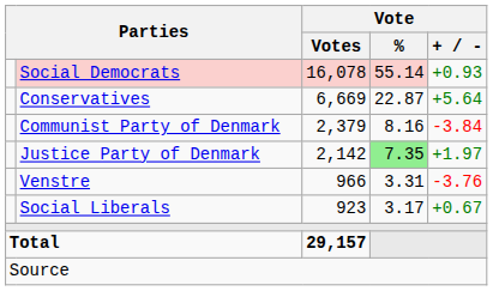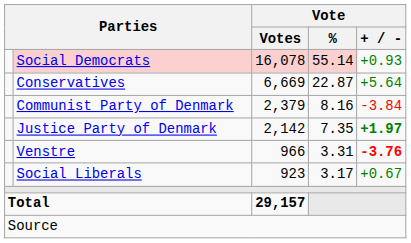 <table class="wikitable" style="text-align:right;">
 <tr>
 <th style="text-align:centre;" rowspan="2" colspan="2" width="225">Parties</th>
 <th colspan="3">Vote</th>
 </tr>
 <tr>
 <th width="15">Votes</th>
 <th width="15">%</th>
 <th width="15">+ / -</th>
 </tr>
 <tr>
 <td width="2" style="color:inherit;background:"></td>
 <td bgcolor=#fbd0ce  align="left"><a href='#'>Social Democrats</a></td>
 <td bgcolor=#fbd0ce>16,078</td>
 <td bgcolor=#fbd0ce>55.14</td>
 <td style=color:green;>+0.93</td>
 </tr>
 <tr>
 <td width="2" style="color:inherit;background:"></td>
 <td align="left"><a href='#'>Conservatives</a></td>
 <td>6,669</td>
 <td>22.87</td>
 <td style=color:green;>+5.64</td>
 </tr>
 <tr>
 <td width="2" style="color:inherit;background:"></td>
 <td align="left"><a href='#'>Communist Party of Denmark</a></td>
 <td>2,379</td>
 <td>8.16</td>
 <td style=color:red;>-3.84</td>
 </tr>
 <tr>
 <td width="2" style="color:inherit;background:"></td>
 <td align="left"><a href='#'>Justice Party of Denmark</a></td>
 <td>2,142</td>
-<td style="background: lightgreen;">7.35</td>
-<td style=color:green;>+1.97</td>
+<td>7.35</td>
+<td style=color:green;><strong>+1.97</strong></td>
 </tr>
 <tr>
 <td width="2" style="color:inherit;background:"></td>
 <td align="left"><a href='#'>Venstre</a></td>
 <td>966</td>
 <td>3.31</td>
-<td style=color:red;>-3.76</td>
+<td style=color:red;><strong>-3.76</strong></td>
 </tr>
 <tr>
 <td width="2" style="color:inherit;background:"></td>
 <td align="left"><a href='#'>Social Liberals</a></td>
 <td>923</td>
 <td>3.17</td>
 <td style=color:green;>+0.67</td>
 </tr>
 <tr>
 <td colspan="7" bgcolor="#E9E9E9"></td>
 </tr>
 <tr>
 <td align="left" colspan="2"><strong>Total</strong></td>
 <td><strong>29,157</strong></td>
 <td bgcolor="#E9E9E9" colspan="2"></td>
 </tr>
 <tr>
 <td align="left" colspan="6">Source</td>
 </tr>
 </table>
